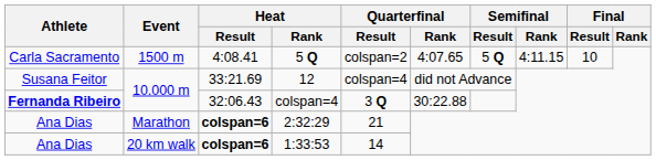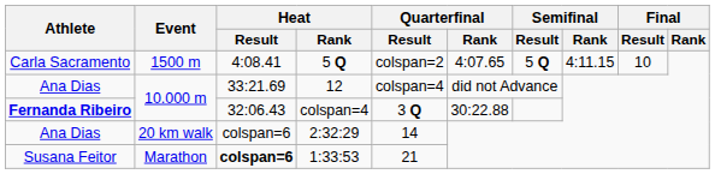 <table class="wikitable" style="font-size:90%">
 <tr>
 <th rowspan="2">Athlete</th>
 <th rowspan="2">Event</th>
 <th colspan="2">Heat</th>
 <th colspan="2">Quarterfinal</th>
 <th colspan="2">Semifinal</th>
 <th colspan="2">Final</th>
 </tr>
 <tr style="font-size:95%">
 <th>Result</th>
 <th>Rank</th>
 <th>Result</th>
 <th>Rank</th>
 <th>Result</th>
 <th>Rank</th>
 <th>Result</th>
 <th>Rank</th>
 </tr>
 <tr align=center>
 <td><a href='#'>Carla Sacramento</a></td>
 <td><a href='#'>1500 m</a></td>
 <td>4:08.41</td>
 <td>5 <strong>Q</strong></td>
 <td>colspan=2 </td>
 <td>4:07.65</td>
 <td>5 <strong>Q</strong></td>
 <td>4:11.15</td>
 <td>10</td>
 </tr>
 <tr align=center>
-<td><a href='#'>Susana Feitor</a></td>
+<td><a href='#'>Ana Dias</a></td>
 <td rowspan=2><a href='#'>10.000 m</a></td>
 <td>33:21.69</td>
 <td>12</td>
 <td>colspan=4 </td>
 <td colspan=2>did not Advance</td>
 </tr>
 <tr align=center>
 <td><strong><a href='#'>Fernanda Ribeiro</a></strong></td>
 <td>32:06.43</td>
 <td>colspan=4 </td>
 <td>3 <strong>Q</strong></td>
 <td>30:22.88</td>
 <td></td>
 </tr>
 <tr align=center>
 <td><a href='#'>Ana Dias</a></td>
+<td><a href='#'>20 km walk</a></td>
+<td>colspan=6 </td>
+<td>2:32:29</td>
+<td>14</td>
+</tr>
+<tr align=center>
+<td><a href='#'>Susana Feitor</a></td>
 <td><a href='#'>Marathon</a></td>
 <td><strong>colspan=6 </strong></td>
-<td>2:32:29</td>
+<td>1:33:53</td>
 <td>21</td>
 </tr>
-<tr align=center>
-<td><a href='#'>Ana Dias</a></td>
-<td><a href='#'>20 km walk</a></td>
-<td><strong>colspan=6 </strong></td>
-<td>1:33:53</td>
-<td>14</td>
-</tr>
 </table>
